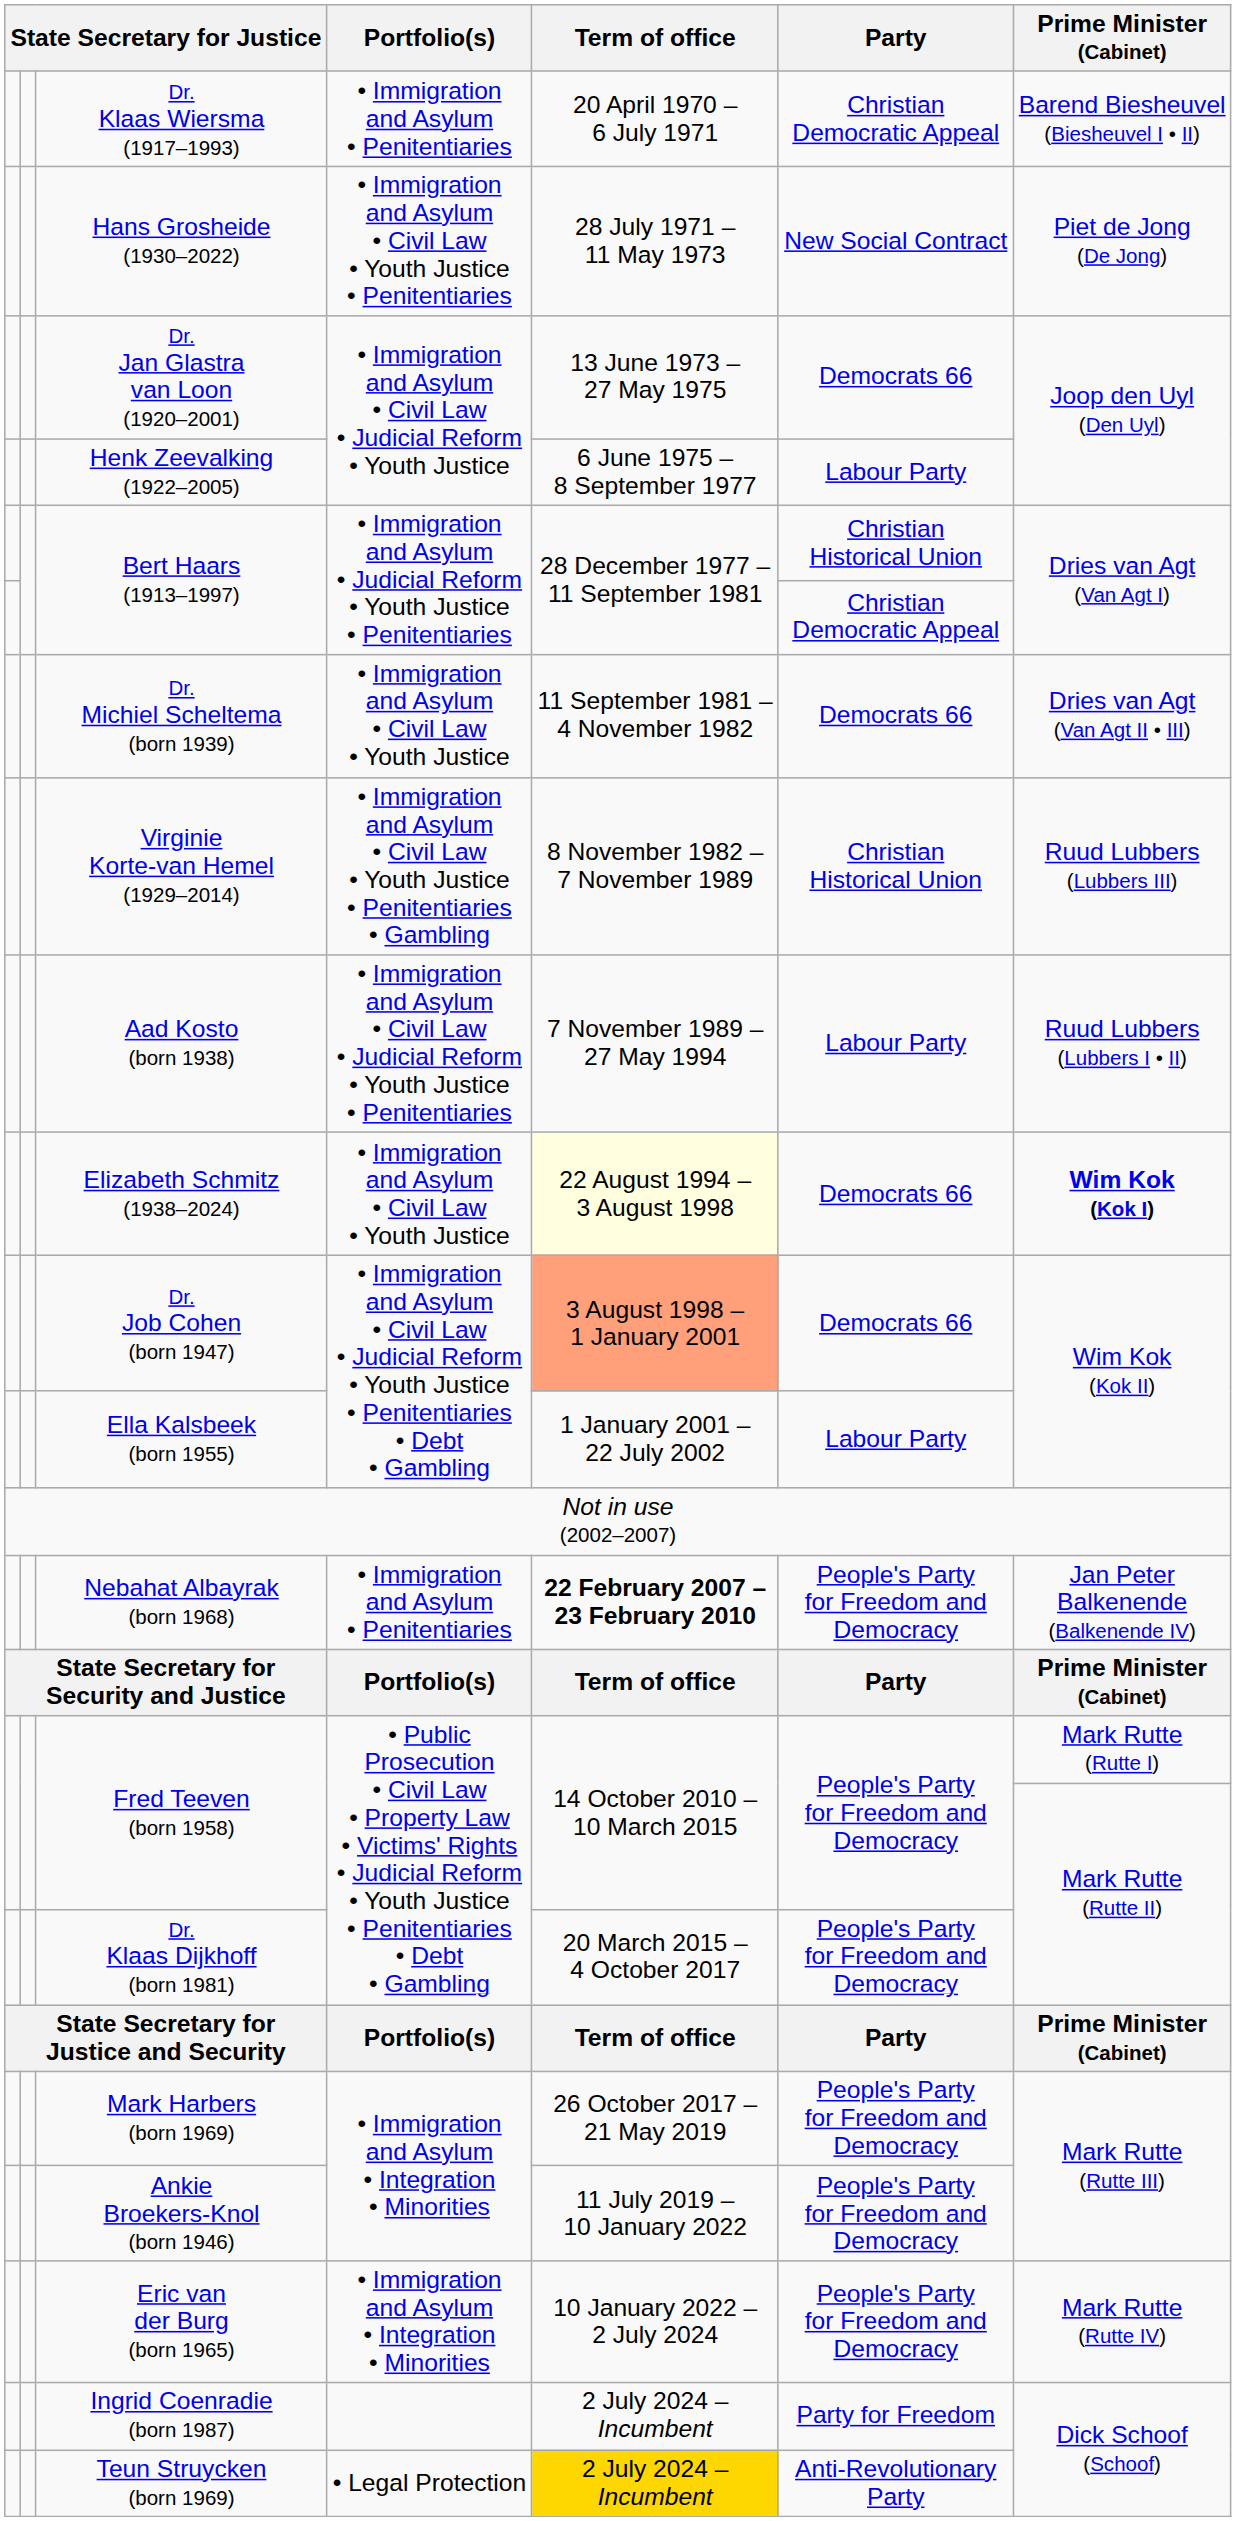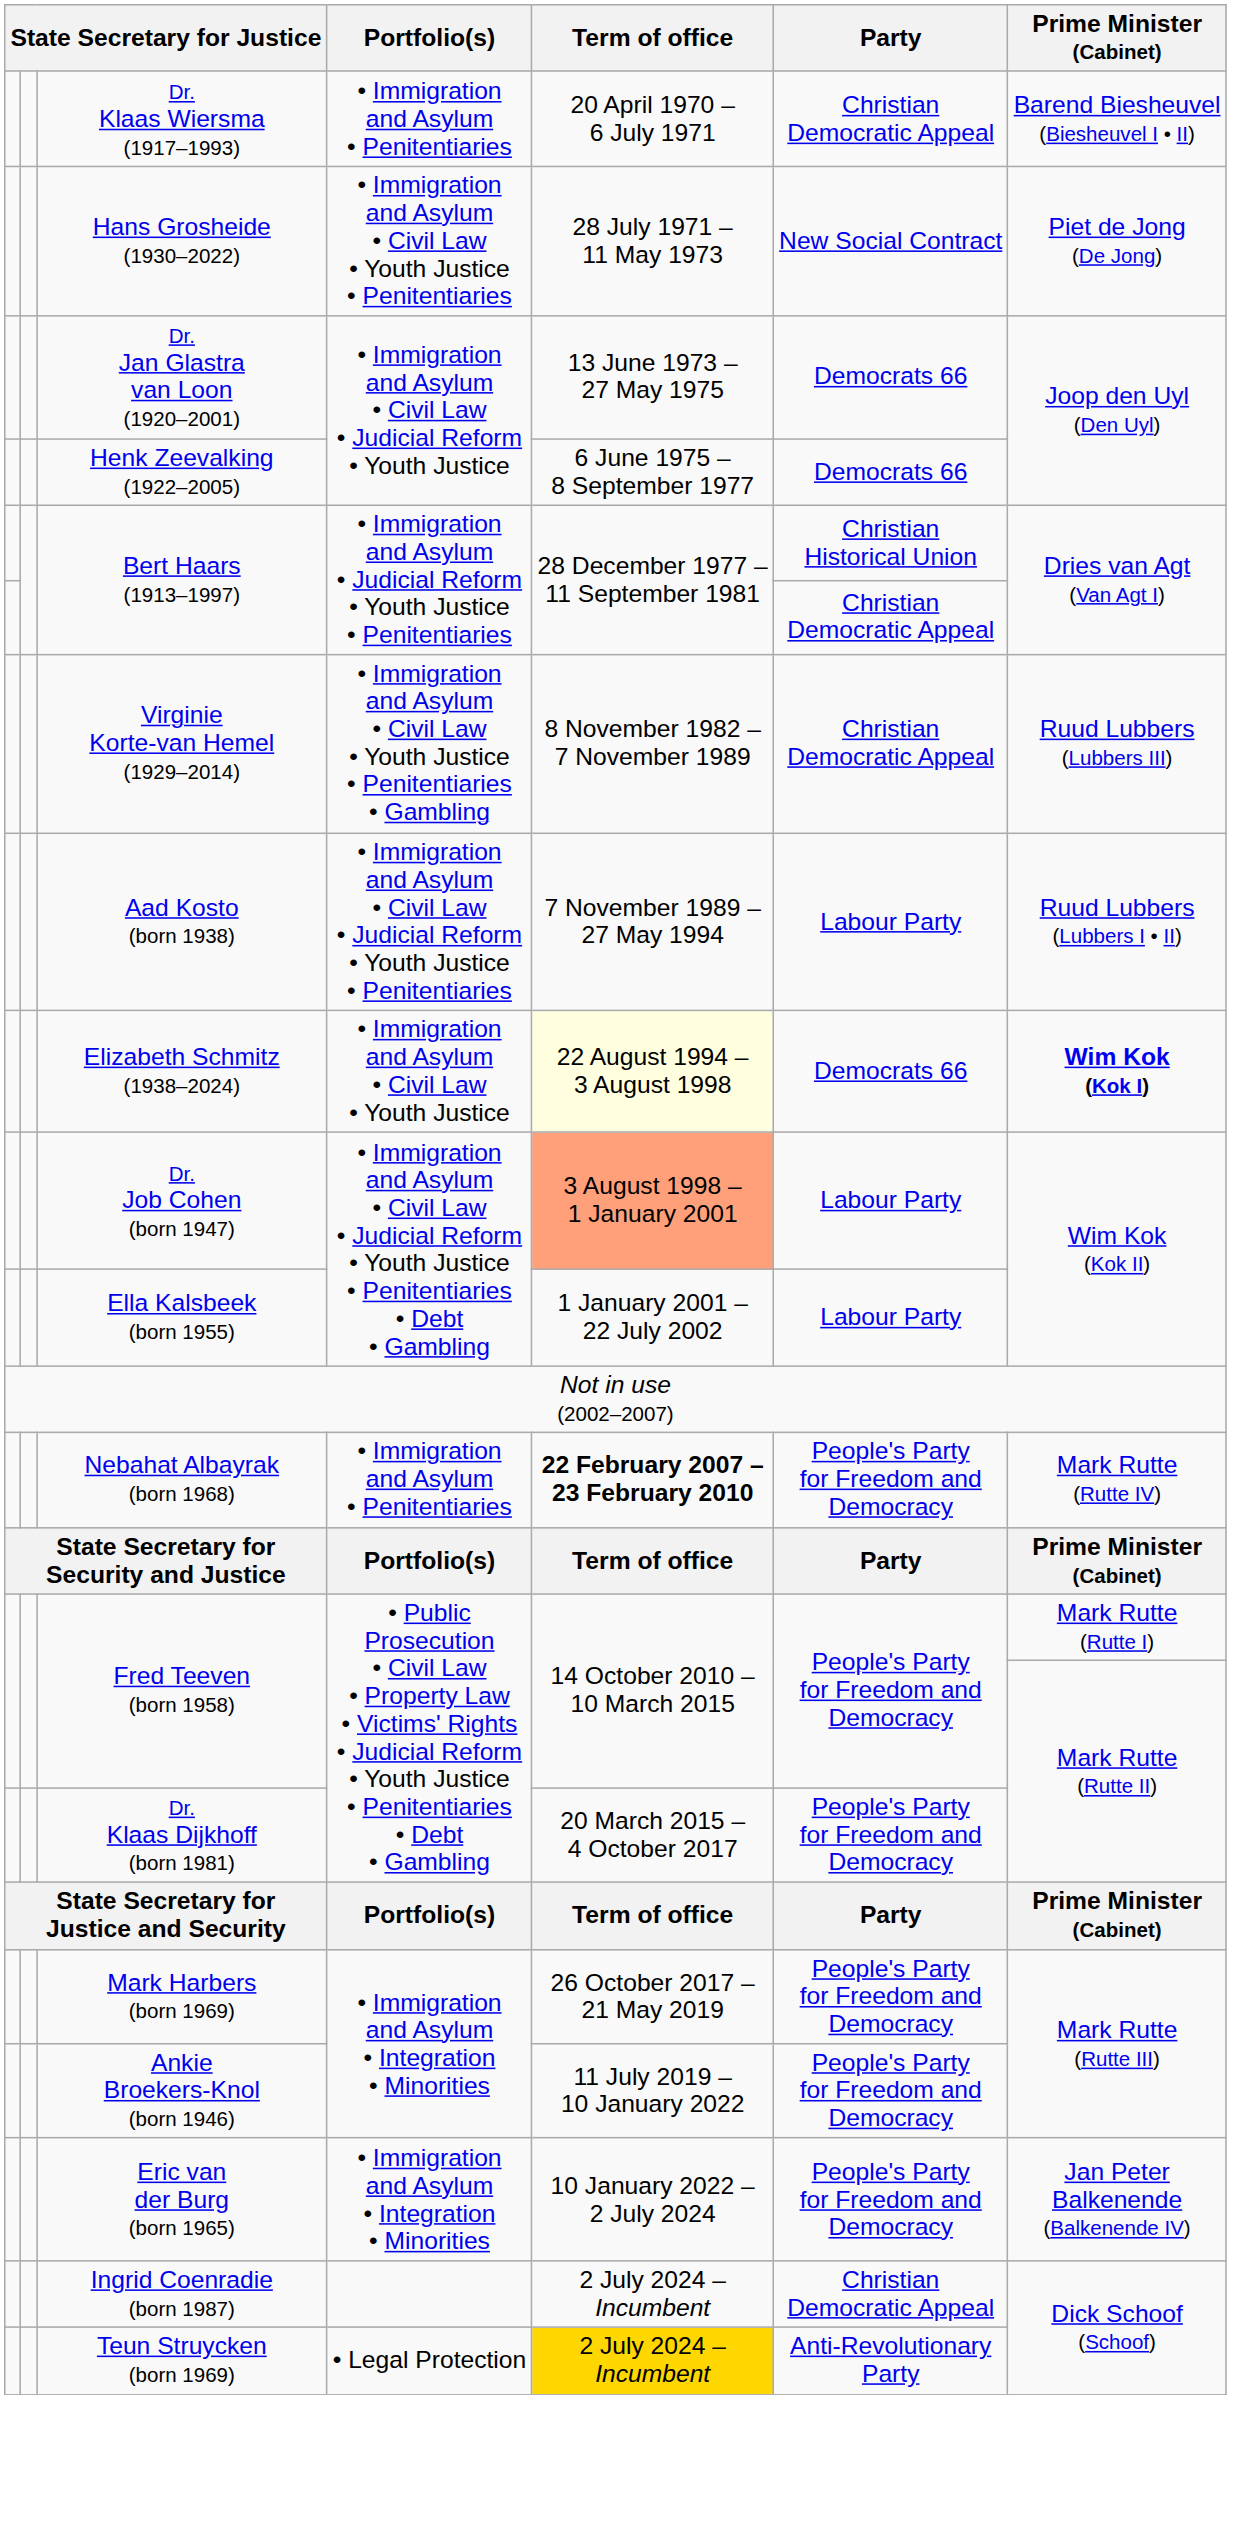 <table class="wikitable" style="text-align:center">
 <tr>
 <th colspan=3>State Secretary for Justice</th>
 <th>Portfolio(s)</th>
 <th>Term of office</th>
 <th>Party</th>
 <th>Prime Minister <br> <small>(Cabinet)</small></th>
 </tr>
 <tr>
 <td style="background:"></td>
 <td></td>
 <td><small><a href='#'>Dr.</a></small> <br> <a href='#'>Klaas Wiersma</a> <br> <small>(1917–1993)</small></td>
 <td>• <a href='#'>Immigration <br> and Asylum</a> <br> • <a href='#'>Penitentiaries</a></td>
 <td>20 April 1970 – <br> 6 July 1971</td>
 <td><a href='#'>Christian <br> Democratic Appeal</a></td>
 <td><a href='#'>Barend Biesheuvel</a> <br> <small>(<a href='#'>Biesheuvel I</a> • <a href='#'>II</a>)</small> <br></td>
 </tr>
 <tr>
 <td style="background:"></td>
 <td></td>
 <td><a href='#'>Hans Grosheide</a> <br> <small>(1930–2022)</small></td>
 <td>• <a href='#'>Immigration <br> and Asylum</a> <br> • <a href='#'>Civil Law</a> <br> • Youth Justice <br> • <a href='#'>Penitentiaries</a></td>
 <td>28 July 1971 – <br> 11 May 1973</td>
 <td><a href='#'>New Social Contract</a></td>
 <td><a href='#'>Piet de Jong</a> <br> <small>(<a href='#'>De Jong</a>)</small> <br></td>
 </tr>
 <tr>
 <td style="background:"></td>
 <td></td>
 <td><small><a href='#'>Dr.</a></small> <br> <a href='#'>Jan Glastra <br> van Loon</a> <br> <small>(1920–2001)</small></td>
 <td rowspan=2>• <a href='#'>Immigration <br> and Asylum</a> <br> • <a href='#'>Civil Law</a> <br> • <a href='#'>Judicial Reform</a> <br> • Youth Justice</td>
 <td>13 June 1973 – <br> 27 May 1975 <br> </td>
 <td><a href='#'>Democrats 66</a></td>
 <td rowspan=2><a href='#'>Joop den Uyl</a> <br> <small>(<a href='#'>Den Uyl</a>)</small> <br></td>
 </tr>
 <tr>
 <td style="background:"></td>
 <td></td>
 <td><a href='#'>Henk Zeevalking</a> <br> <small>(1922–2005)</small></td>
 <td>6 June 1975 – <br> 8 September 1977 <br> </td>
-<td><a href='#'>Labour Party</a></td>
+<td><a href='#'>Democrats 66</a></td>
 </tr>
 <tr>
 <td style="background:"></td>
 <td rowspan=2></td>
 <td rowspan=2><a href='#'>Bert Haars</a> <br> <small>(1913–1997)</small></td>
 <td rowspan=2>• <a href='#'>Immigration <br> and Asylum</a> <br> • <a href='#'>Judicial Reform</a> <br> • Youth Justice <br> • <a href='#'>Penitentiaries</a></td>
 <td rowspan=2>28 December 1977 – <br> 11 September 1981</td>
 <td><a href='#'>Christian <br> Historical Union</a></td>
 <td rowspan=2><a href='#'>Dries van Agt</a> <br> <small>(<a href='#'>Van Agt I</a>)</small> <br></td>
 </tr>
 <tr>
 <td style="background:"></td>
 <td><a href='#'>Christian <br> Democratic Appeal</a></td>
 </tr>
 <tr>
 <td style="background:"></td>
 <td></td>
-<td><small><a href='#'>Dr.</a></small> <br> <a href='#'>Michiel Scheltema</a> <br> <small>(born 1939)</small></td>
-<td>• <a href='#'>Immigration <br> and Asylum</a> <br> • <a href='#'>Civil Law</a> <br> • Youth Justice</td>
-<td>11 September 1981 – <br> 4 November 1982</td>
-<td><a href='#'>Democrats 66</a></td>
-<td><a href='#'>Dries van Agt</a> <br> <small>(<a href='#'>Van Agt II</a> • <a href='#'>III</a>)</small> <br></td>
-</tr>
-<tr>
-<td style="background:"></td>
-<td></td>
 <td><a href='#'>Virginie <br> Korte-van Hemel</a> <br> <small>(1929–2014)</small></td>
 <td>• <a href='#'>Immigration <br> and Asylum</a> <br> • <a href='#'>Civil Law</a> <br> • Youth Justice <br> • <a href='#'>Penitentiaries</a> <br> • <a href='#'>Gambling</a></td>
 <td>8 November 1982 – <br> 7 November 1989</td>
-<td><a href='#'>Christian <br> Historical Union</a></td>
+<td><a href='#'>Christian <br> Democratic Appeal</a></td>
 <td><a href='#'>Ruud Lubbers</a> <br> <small>(<a href='#'>Lubbers III</a>)</small> <br></td>
 </tr>
 <tr>
 <td style="background:"></td>
 <td></td>
 <td><a href='#'>Aad Kosto</a> <br> <small>(born 1938)</small></td>
 <td>• <a href='#'>Immigration <br> and Asylum</a> <br> • <a href='#'>Civil Law</a> <br> • <a href='#'>Judicial Reform</a> <br> • Youth Justice <br> • <a href='#'>Penitentiaries</a></td>
 <td>7 November 1989 – <br> 27 May 1994 <br> </td>
 <td><a href='#'>Labour Party</a></td>
 <td><a href='#'>Ruud Lubbers</a> <br> <small>(<a href='#'>Lubbers I</a> • <a href='#'>II</a>)</small> <br></td>
 </tr>
 <tr>
 <td style="background:"></td>
 <td></td>
 <td><a href='#'>Elizabeth Schmitz</a> <br> <small>(1938–2024)</small></td>
 <td>• <a href='#'>Immigration <br> and Asylum</a> <br> • <a href='#'>Civil Law</a> <br> • Youth Justice</td>
 <td style="background: lightyellow;">22 August 1994 – <br> 3 August 1998</td>
 <td><a href='#'>Democrats 66</a></td>
 <td><strong><a href='#'>Wim Kok</a> <br> <small>(<a href='#'>Kok I</a>)</small> <br></strong></td>
 </tr>
 <tr>
 <td style="background:"></td>
 <td></td>
 <td><small><a href='#'>Dr.</a></small> <br> <a href='#'>Job Cohen</a> <br> <small>(born 1947)</small></td>
 <td rowspan=2>• <a href='#'>Immigration <br> and Asylum</a> <br> • <a href='#'>Civil Law</a> <br> • <a href='#'>Judicial Reform</a> <br> • Youth Justice <br> • <a href='#'>Penitentiaries</a> <br> • <a href='#'>Debt</a> <br> • <a href='#'>Gambling</a></td>
 <td style="background: lightsalmon;">3 August 1998 – <br> 1 January 2001 <br> </td>
-<td><a href='#'>Democrats 66</a></td>
+<td><a href='#'>Labour Party</a></td>
 <td rowspan=2><a href='#'>Wim Kok</a> <br> <small>(<a href='#'>Kok II</a>)</small> <br></td>
 </tr>
 <tr>
 <td style="background:"></td>
 <td></td>
 <td><a href='#'>Ella Kalsbeek</a> <br> <small>(born 1955)</small></td>
 <td>1 January 2001 – <br> 22 July 2002</td>
 <td><a href='#'>Labour Party</a></td>
 </tr>
 <tr>
 <td colspan=7><em>Not in use</em> <br> <small>(2002–2007)</small></td>
 </tr>
 <tr>
 <td style="background:"></td>
 <td></td>
 <td><a href='#'>Nebahat Albayrak</a> <br> <small>(born 1968)</small></td>
 <td>• <a href='#'>Immigration <br> and Asylum</a> <br> • <a href='#'>Penitentiaries</a></td>
 <td><strong>22 February 2007 – <br> 23 February 2010 <br> </strong></td>
 <td><a href='#'>People's Party <br> for Freedom and <br> Democracy</a></td>
-<td><a href='#'>Jan Peter <br> Balkenende</a> <br> <small>(<a href='#'>Balkenende IV</a>)</small> <br></td>
+<td><a href='#'>Mark Rutte</a> <br> <small>(<a href='#'>Rutte IV</a>)</small> <br></td>
 </tr>
 <tr>
 <th colspan=3>State Secretary for <br> Security and Justice</th>
 <th>Portfolio(s)</th>
 <th>Term of office</th>
 <th>Party</th>
 <th>Prime Minister <br> <small>(Cabinet)</small></th>
 </tr>
 <tr>
 <td rowspan=2 style="background:"></td>
 <td rowspan=2></td>
 <td rowspan=2><a href='#'>Fred Teeven</a> <br> <small>(born 1958)</small></td>
 <td rowspan=3>• <a href='#'>Public <br> Prosecution</a> <br> • <a href='#'>Civil Law</a> <br> • <a href='#'>Property Law</a> <br> • <a href='#'>Victims' Rights</a> <br> • <a href='#'>Judicial Reform</a> <br> • Youth Justice <br> • <a href='#'>Penitentiaries</a> <br> • <a href='#'>Debt</a> <br> • <a href='#'>Gambling</a> <br> </td>
 <td rowspan=2>14 October 2010 – <br> 10 March 2015 <br> </td>
 <td rowspan=2><a href='#'>People's Party <br> for Freedom and <br> Democracy</a></td>
 <td><a href='#'>Mark Rutte</a> <br> <small>(<a href='#'>Rutte I</a>)</small> <br></td>
 </tr>
 <tr>
 <td rowspan=2><a href='#'>Mark Rutte</a> <br> <small>(<a href='#'>Rutte II</a>)</small> <br></td>
 </tr>
 <tr>
 <td style="background:"></td>
 <td></td>
 <td><small><a href='#'>Dr.</a></small> <br> <a href='#'>Klaas Dijkhoff</a> <br> <small>(born 1981)</small></td>
 <td>20 March 2015 – <br> 4 October 2017 <br> </td>
 <td><a href='#'>People's Party <br> for Freedom and <br> Democracy</a></td>
 </tr>
 <tr>
 <th colspan=3>State Secretary for <br> Justice and Security</th>
 <th>Portfolio(s)</th>
 <th>Term of office</th>
 <th>Party</th>
 <th>Prime Minister <br> <small>(Cabinet)</small></th>
 </tr>
 <tr>
 <td style="background:"></td>
 <td></td>
 <td><a href='#'>Mark Harbers</a> <br> <small>(born 1969)</small></td>
 <td rowspan=2>• <a href='#'>Immigration <br> and Asylum</a> <br> • <a href='#'>Integration</a> <br> • <a href='#'>Minorities</a> <br> </td>
 <td>26 October 2017 – <br> 21 May 2019 <br> </td>
 <td><a href='#'>People's Party <br> for Freedom and <br> Democracy</a></td>
 <td rowspan=2><a href='#'>Mark Rutte</a> <br> <small>(<a href='#'>Rutte III</a>)</small> <br></td>
 </tr>
 <tr>
 <td style="background:"></td>
 <td></td>
 <td><a href='#'>Ankie <br> Broekers-Knol</a> <br> <small>(born 1946)</small></td>
 <td>11 July 2019 – <br> 10 January 2022</td>
 <td><a href='#'>People's Party <br> for Freedom and <br> Democracy</a></td>
 </tr>
 <tr>
 <td style="background:"></td>
 <td></td>
 <td><a href='#'>Eric van <br> der Burg</a> <br> <small>(born 1965)</small></td>
 <td>• <a href='#'>Immigration <br> and Asylum</a> <br> • <a href='#'>Integration</a> <br> • <a href='#'>Minorities</a></td>
 <td>10 January 2022 – <br> 2 July 2024</td>
 <td><a href='#'>People's Party <br> for Freedom and <br> Democracy</a></td>
-<td><a href='#'>Mark Rutte</a> <br> <small>(<a href='#'>Rutte IV</a>)</small> <br></td>
+<td><a href='#'>Jan Peter <br> Balkenende</a> <br> <small>(<a href='#'>Balkenende IV</a>)</small> <br></td>
 </tr>
 <tr>
 <td style="background:"></td>
 <td></td>
 <td><a href='#'>Ingrid Coenradie</a> <br> <small>(born 1987)</small></td>
 <td></td>
 <td>2 July 2024 – <br> <em>Incumbent</em></td>
-<td><a href='#'>Party for Freedom</a></td>
+<td><a href='#'>Christian <br> Democratic Appeal</a></td>
 <td rowspan=2><a href='#'>Dick Schoof</a> <br> <small>(<a href='#'>Schoof</a>)</small> <br></td>
 </tr>
 <tr>
 <td style="background:"></td>
 <td></td>
 <td><a href='#'>Teun Struycken</a> <br> <small>(born 1969)</small></td>
 <td>• Legal Protection</td>
 <td style="background: gold;">2 July 2024 – <br> <em>Incumbent</em></td>
 <td><a href='#'>Anti-Revolutionary <br> Party</a></td>
 </tr>
 </table>
